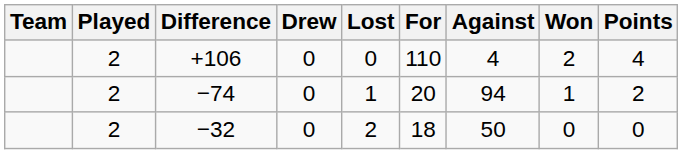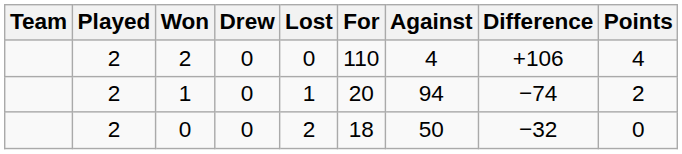 <table class="wikitable" style="text-align:center">
 <tr>
 <th>Team</th>
 <th>Played</th>
-<th>Difference</th>
+<th>Won</th>
 <th>Drew</th>
 <th>Lost</th>
 <th>For</th>
 <th>Against</th>
-<th>Won</th>
+<th>Difference</th>
 <th>Points</th>
 </tr>
 <tr>
 <td align=left></td>
 <td>2</td>
-<td>+106</td>
+<td>2</td>
 <td>0</td>
 <td>0</td>
 <td>110</td>
 <td>4</td>
-<td>2</td>
+<td>+106</td>
 <td>4</td>
 </tr>
 <tr>
 <td align=left></td>
 <td>2</td>
-<td>−74</td>
+<td>1</td>
 <td>0</td>
 <td>1</td>
 <td>20</td>
 <td>94</td>
-<td>1</td>
+<td>−74</td>
 <td>2</td>
 </tr>
 <tr>
 <td align=left></td>
 <td>2</td>
-<td>−32</td>
+<td>0</td>
 <td>0</td>
 <td>2</td>
 <td>18</td>
 <td>50</td>
-<td>0</td>
+<td>−32</td>
 <td>0</td>
 </tr>
 </table>
